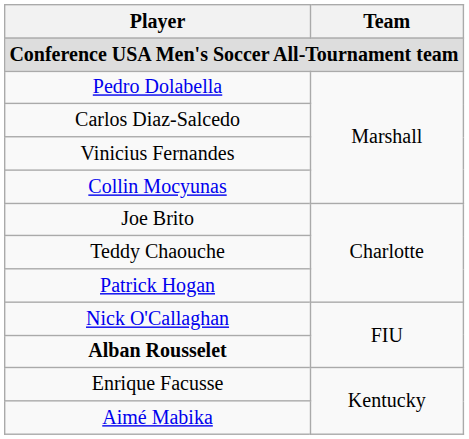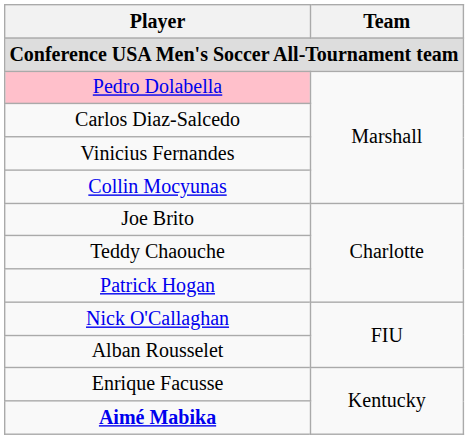 <table class="wikitable" style="white-space:nowrap; font-size:90%; text-align: center;">
 <tr>
 <th>Player</th>
 <th>Team</th>
 </tr>
 <tr>
 <td colspan="2" style="text-align:center; background:#ddd;"><strong>Conference USA Men's Soccer All-Tournament team</strong></td>
 </tr>
 <tr>
-<td><a href='#'>Pedro Dolabella</a> </td>
+<td style="background: pink;"><a href='#'>Pedro Dolabella</a> </td>
 <td rowspan="4">Marshall</td>
 </tr>
 <tr>
 <td>Carlos Diaz-Salcedo </td>
 </tr>
 <tr>
 <td>Vinicius Fernandes</td>
 </tr>
 <tr>
 <td><a href='#'>Collin Mocyunas</a></td>
 </tr>
 <tr>
 <td>Joe Brito</td>
 <td rowspan="3">Charlotte</td>
 </tr>
 <tr>
 <td>Teddy Chaouche</td>
 </tr>
 <tr>
 <td><a href='#'>Patrick Hogan</a></td>
 </tr>
 <tr>
 <td><a href='#'>Nick O'Callaghan</a></td>
 <td rowspan="2">FIU</td>
 </tr>
 <tr>
-<td><strong>Alban Rousselet</strong></td>
+<td>Alban Rousselet</td>
 </tr>
 <tr>
 <td>Enrique Facusse</td>
 <td rowspan="2">Kentucky</td>
 </tr>
 <tr>
-<td><a href='#'>Aimé Mabika</a></td>
+<td><strong><a href='#'>Aimé Mabika</a></strong></td>
 </tr>
 </table>
